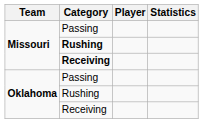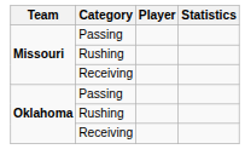 <table class="wikitable" style="float: right;">
 <tr>
 <th>Team</th>
 <th>Category</th>
 <th>Player</th>
 <th>Statistics</th>
 </tr>
 <tr>
 <td rowspan=3><strong>Missouri </strong></td>
 <td>Passing</td>
 <td></td>
 <td></td>
 </tr>
 <tr>
-<td><strong>Rushing</strong></td>
+<td>Rushing</td>
 <td></td>
 <td></td>
 </tr>
 <tr>
-<td><strong>Receiving</strong></td>
+<td>Receiving</td>
 <td></td>
 <td></td>
 </tr>
 <tr>
 <td rowspan=3><strong>Oklahoma</strong></td>
 <td>Passing</td>
 <td></td>
 <td></td>
 </tr>
 <tr>
 <td>Rushing</td>
 <td></td>
 <td></td>
 </tr>
 <tr>
 <td>Receiving</td>
 <td></td>
 <td></td>
 </tr>
 </table>
